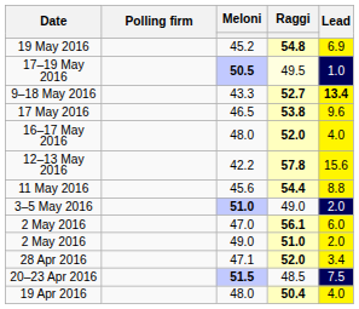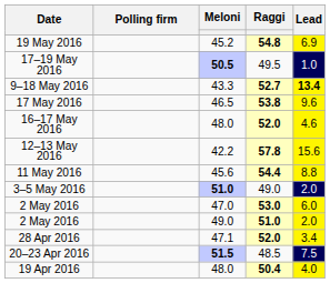 <table class="wikitable collapsible" style="text-align:center;font-size:85%;line-height:13px">
 <tr style="height:30px; background-color:#E9E9E9">
 <th style="width:100px;" rowspan="2">Date</th>
 <th style="width:120px;" rowspan="2">Polling firm</th>
 <th style="width:50px;">Meloni</th>
 <th style="width:50px;">Raggi</th>
 <th style="width:25px;" rowspan="2">Lead</th>
 </tr>
 <tr>
 <th style="background:"></th>
 <th style="background:"></th>
 </tr>
 <tr>
 <td>19 May 2016</td>
 <td></td>
 <td>45.2</td>
 <td style="background:#FFFFBF"><strong>54.8</strong></td>
 <td style="background:#FFF500; color:black;">6.9</td>
 </tr>
 <tr>
 <td>17–19 May 2016</td>
 <td></td>
 <td style="background:#C1C9FF"><strong>50.5</strong></td>
-<td style="background: lightyellow;">49.5</td>
+<td>49.5</td>
 <td style="background:#00005A; color:white;">1.0</td>
 </tr>
 <tr>
 <td>9–18 May 2016</td>
 <td></td>
 <td>43.3</td>
 <td style="background:#FFFFBF"><strong>52.7</strong></td>
 <td style="background:#FFF500; color:black;"><strong>13.4</strong></td>
 </tr>
 <tr>
 <td>17 May 2016</td>
 <td></td>
 <td>46.5</td>
 <td style="background:#FFFFBF"><strong>53.8</strong></td>
 <td style="background:#FFF500; color:black;">9.6</td>
 </tr>
 <tr>
 <td>16–17 May 2016</td>
 <td></td>
 <td>48.0</td>
 <td style="background:#FFFFBF"><strong>52.0</strong></td>
-<td style="background:#FFF500; color:black;">4.0</td>
+<td style="background:#FFF500; color:black;">4.6</td>
 </tr>
 <tr>
 <td>12–13 May 2016</td>
 <td></td>
 <td>42.2</td>
 <td style="background:#FFFFBF"><strong>57.8</strong></td>
 <td style="background:#FFF500; color:black;">15.6</td>
 </tr>
 <tr>
 <td>11 May 2016</td>
 <td></td>
 <td>45.6</td>
 <td style="background:#FFFFBF"><strong>54.4</strong></td>
 <td style="background:#FFF500; color:black;">8.8</td>
 </tr>
 <tr>
 <td>3–5 May 2016</td>
 <td></td>
 <td style="background:#C1C9FF"><strong>51.0</strong></td>
 <td>49.0</td>
 <td style="background:#00005A; color:white;">2.0</td>
 </tr>
 <tr>
 <td>2 May 2016</td>
 <td></td>
 <td>47.0</td>
-<td style="background:#FFFFBF"><strong>56.1</strong></td>
+<td style="background:#FFFFBF"><strong>53.0</strong></td>
 <td style="background:#FFF500; color:black;">6.0</td>
 </tr>
 <tr>
 <td>2 May 2016</td>
 <td></td>
 <td>49.0</td>
 <td style="background:#FFFFBF"><strong>51.0</strong></td>
 <td style="background:#FFF500; color:black;">2.0</td>
 </tr>
 <tr>
 <td>28 Apr 2016</td>
 <td></td>
 <td>47.1</td>
 <td style="background:#FFFFBF"><strong>52.0</strong></td>
 <td style="background:#FFF500; color:black;">3.4</td>
 </tr>
 <tr>
 <td>20–23 Apr 2016</td>
 <td></td>
 <td style="background:#C1C9FF"><strong>51.5</strong></td>
 <td>48.5</td>
 <td style="background:#00005A; color:white;">7.5</td>
 </tr>
 <tr>
 <td>19 Apr 2016</td>
 <td></td>
 <td>48.0</td>
 <td style="background:#FFFFBF"><strong>50.4</strong></td>
 <td style="background:#FFF500; color:black;">4.0</td>
 </tr>
 </table>
